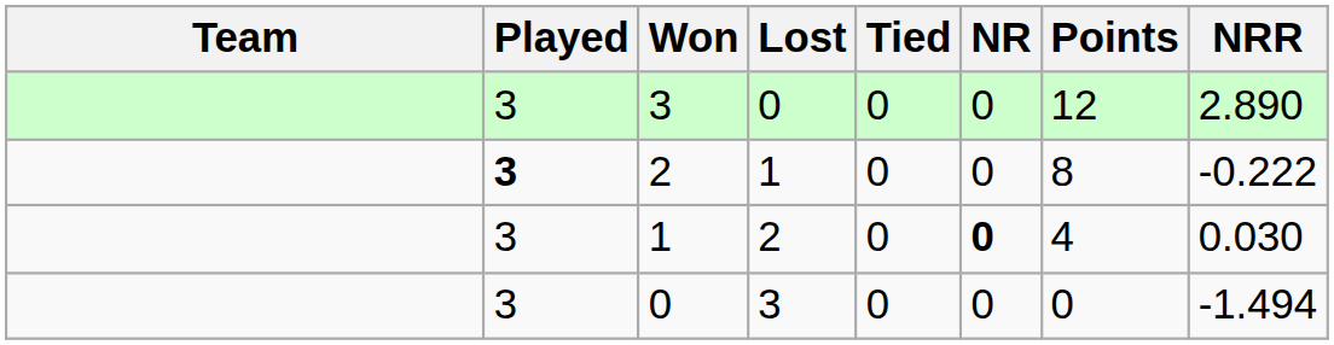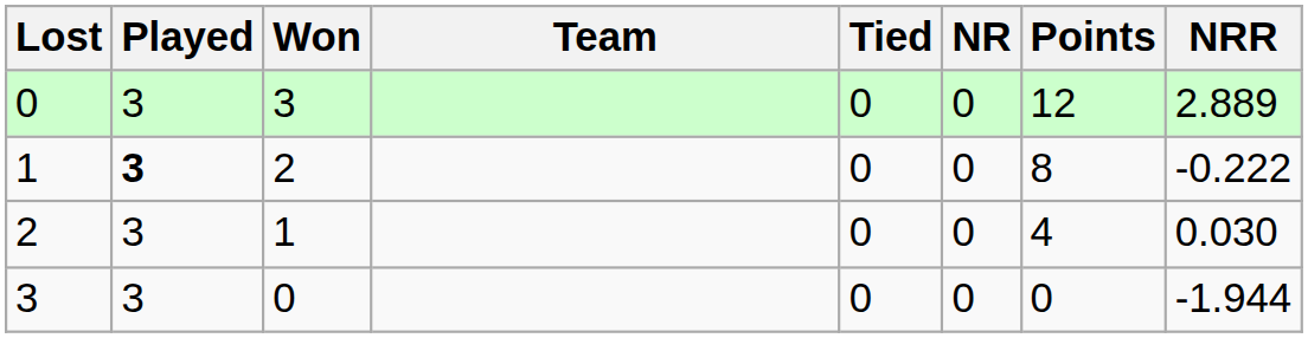 <table class="wikitable">
 <tr>
-<th width=175>Team</th>
+<th>Lost</th>
 <th>Played</th>
 <th>Won</th>
-<th>Lost</th>
+<th width=175>Team</th>
 <th>Tied</th>
 <th>NR</th>
 <th>Points</th>
 <th>NRR</th>
 </tr>
 <tr style="background:#ccffcc">
-<td></td>
+<td>0</td>
 <td>3</td>
 <td>3</td>
-<td>0</td>
+<td></td>
 <td>0</td>
 <td>0</td>
 <td>12</td>
-<td>2.890</td>
+<td>2.889</td>
 </tr>
 <tr>
-<td></td>
+<td>1</td>
 <td><strong>3</strong></td>
 <td>2</td>
-<td>1</td>
+<td></td>
 <td>0</td>
 <td>0</td>
 <td>8</td>
 <td>-0.222</td>
 </tr>
 <tr>
-<td></td>
+<td>2</td>
 <td>3</td>
 <td>1</td>
-<td>2</td>
+<td></td>
 <td>0</td>
-<td><strong>0</strong></td>
+<td>0</td>
 <td>4</td>
 <td>0.030</td>
 </tr>
 <tr>
-<td></td>
+<td>3</td>
 <td>3</td>
 <td>0</td>
-<td>3</td>
+<td></td>
 <td>0</td>
 <td>0</td>
 <td>0</td>
-<td>-1.494</td>
+<td>-1.944</td>
 </tr>
 </table>
